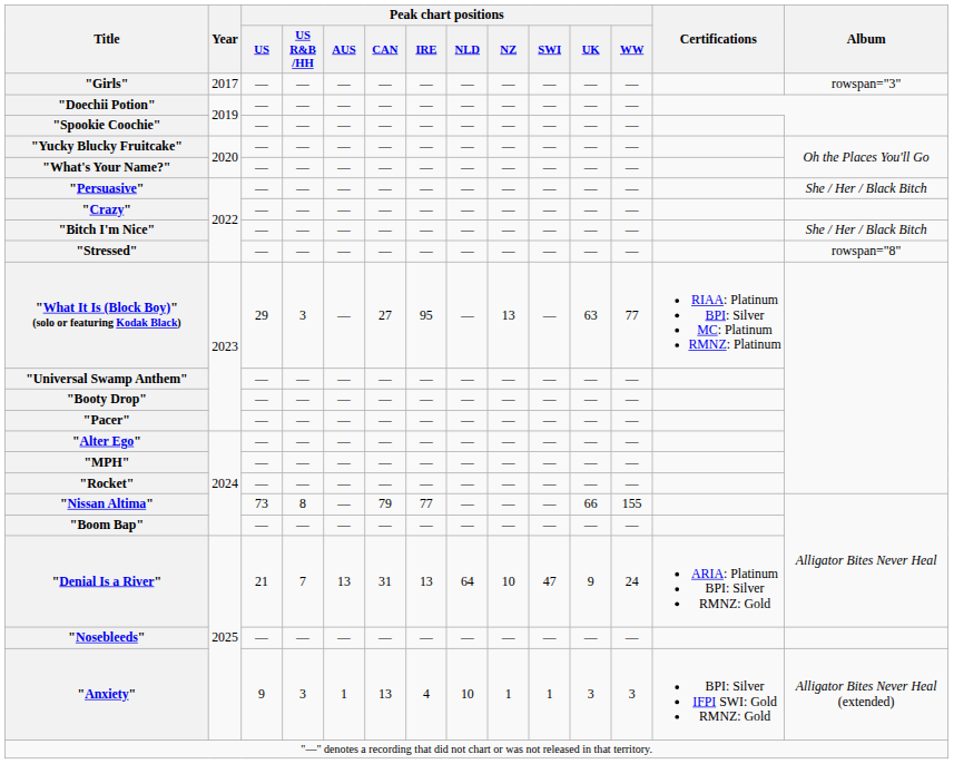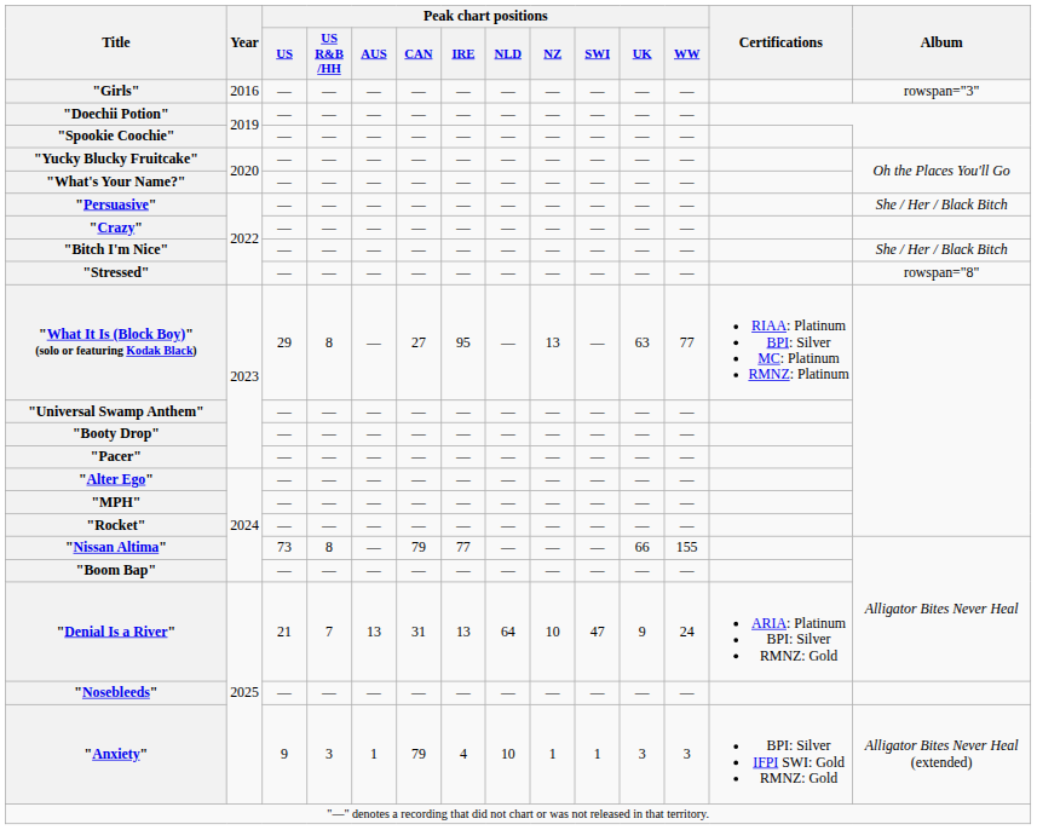 <table class="wikitable plainrowheaders" style="text-align:center;">
 <tr>
 <th scope="col" rowspan="2" style="width:15em;">Title</th>
 <th scope="col" rowspan="2" style="width:1em;">Year</th>
 <th scope="col" colspan="10">Peak chart positions</th>
 <th scope="col" rowspan="2">Certifications</th>
 <th scope="col" rowspan="2" style="width:12em;">Album</th>
 </tr>
 <tr>
 <th scope="col" style="width:3em;font-size:90%;"><a href='#'>US</a><br></th>
 <th scope="col" style="width:3em;font-size:90%;"><a href='#'>US<br>R&B<br>/HH</a><br></th>
 <th scope="col" style="width:3em;font-size:90%;"><a href='#'>AUS</a><br></th>
 <th scope="col" style="width:3em;font-size:90%;"><a href='#'>CAN</a><br></th>
 <th scope="col" style="width:3em;font-size:90%;"><a href='#'>IRE</a><br></th>
 <th scope="col" style="width:3em;font-size:90%;"><a href='#'>NLD</a><br></th>
 <th scope="col" style="width:3em;font-size:90%;"><a href='#'>NZ</a><br></th>
 <th scope="col" style="width:3em;font-size:90%;"><a href='#'>SWI</a><br></th>
 <th scope="col" style="width:3em;font-size:90%;"><a href='#'>UK</a><br></th>
 <th scope="col" style="width:3em;font-size:90%;"><a href='#'>WW</a><br></th>
 </tr>
 <tr>
 <th scope="row">"Girls"</th>
-<td>2017</td>
+<td>2016</td>
 <td>—</td>
 <td>—</td>
 <td>—</td>
 <td>—</td>
 <td>—</td>
 <td>—</td>
 <td>—</td>
 <td>—</td>
 <td>—</td>
 <td>—</td>
 <td></td>
 <td>rowspan="3" </td>
 </tr>
 <tr>
 <th scope="row">"Doechii Potion"</th>
 <td rowspan="2">2019</td>
 <td>—</td>
 <td>—</td>
 <td>—</td>
 <td>—</td>
 <td>—</td>
 <td>—</td>
 <td>—</td>
 <td>—</td>
 <td>—</td>
 <td>—</td>
 </tr>
 <tr>
 <th scope="row">"Spookie Coochie"</th>
 <td>—</td>
 <td>—</td>
 <td>—</td>
 <td>—</td>
 <td>—</td>
 <td>—</td>
 <td>—</td>
 <td>—</td>
 <td>—</td>
 <td>—</td>
 <td></td>
 </tr>
 <tr>
 <th scope="row">"Yucky Blucky Fruitcake"</th>
 <td rowspan="2">2020</td>
 <td>—</td>
 <td>—</td>
 <td>—</td>
 <td>—</td>
 <td>—</td>
 <td>—</td>
 <td>—</td>
 <td>—</td>
 <td>—</td>
 <td>—</td>
 <td></td>
 <td rowspan="2"><em>Oh the Places You'll Go</em></td>
 </tr>
 <tr>
 <th scope="row">"What's Your Name?"</th>
 <td>—</td>
 <td>—</td>
 <td>—</td>
 <td>—</td>
 <td>—</td>
 <td>—</td>
 <td>—</td>
 <td>—</td>
 <td>—</td>
 <td>—</td>
 <td></td>
 </tr>
 <tr>
 <th scope="row">"<a href='#'>Persuasive</a>"<br></th>
 <td rowspan="4">2022</td>
 <td>—</td>
 <td>—</td>
 <td>—</td>
 <td>—</td>
 <td>—</td>
 <td>—</td>
 <td>—</td>
 <td>—</td>
 <td>—</td>
 <td>—</td>
 <td></td>
 <td><em>She / Her / Black Bitch</em></td>
 </tr>
 <tr>
 <th scope="row">"<a href='#'>Crazy</a>"</th>
 <td>—</td>
 <td>—</td>
 <td>—</td>
 <td>—</td>
 <td>—</td>
 <td>—</td>
 <td>—</td>
 <td>—</td>
 <td>—</td>
 <td>—</td>
 <td></td>
 <td></td>
 </tr>
 <tr>
 <th scope="row">"Bitch I'm Nice"</th>
 <td>—</td>
 <td>—</td>
 <td>—</td>
 <td>—</td>
 <td>—</td>
 <td>—</td>
 <td>—</td>
 <td>—</td>
 <td>—</td>
 <td>—</td>
 <td></td>
 <td><em>She / Her / Black Bitch</em></td>
 </tr>
 <tr>
 <th scope="row">"Stressed"</th>
 <td>—</td>
 <td>—</td>
 <td>—</td>
 <td>—</td>
 <td>—</td>
 <td>—</td>
 <td>—</td>
 <td>—</td>
 <td>—</td>
 <td>—</td>
 <td></td>
 <td>rowspan="8" </td>
 </tr>
 <tr>
 <th scope="row">"<a href='#'>What It Is (Block Boy)</a>"<br><small>(solo or featuring <a href='#'>Kodak Black</a>)</small></th>
 <td rowspan="4">2023</td>
 <td>29</td>
-<td>3</td>
+<td>8</td>
 <td>—</td>
 <td>27</td>
 <td>95</td>
 <td>—</td>
 <td>13</td>
 <td>—</td>
 <td>63</td>
 <td>77</td>
 <td><br><ul><li><a href='#'>RIAA</a>: Platinum</li><li><a href='#'>BPI</a>: Silver</li><li><a href='#'>MC</a>: Platinum</li><li><a href='#'>RMNZ</a>: Platinum</li></ul></td>
 </tr>
 <tr>
 <th scope="row">"Universal Swamp Anthem"</th>
 <td>—</td>
 <td>—</td>
 <td>—</td>
 <td>—</td>
 <td>—</td>
 <td>—</td>
 <td>—</td>
 <td>—</td>
 <td>—</td>
 <td>—</td>
 <td></td>
 </tr>
 <tr>
 <th scope="row">"Booty Drop"</th>
 <td>—</td>
 <td>—</td>
 <td>—</td>
 <td>—</td>
 <td>—</td>
 <td>—</td>
 <td>—</td>
 <td>—</td>
 <td>—</td>
 <td>—</td>
 <td></td>
 </tr>
 <tr>
 <th scope="row">"Pacer"</th>
 <td>—</td>
 <td>—</td>
 <td>—</td>
 <td>—</td>
 <td>—</td>
 <td>—</td>
 <td>—</td>
 <td>—</td>
 <td>—</td>
 <td>—</td>
 <td></td>
 </tr>
 <tr>
 <th scope="row">"<a href='#'>Alter Ego</a>"<br></th>
 <td rowspan="5">2024</td>
 <td>—</td>
 <td>—</td>
 <td>—</td>
 <td>—</td>
 <td>—</td>
 <td>—</td>
 <td>—</td>
 <td>—</td>
 <td>—</td>
 <td>—</td>
 <td></td>
 </tr>
 <tr>
 <th scope="row">"MPH"</th>
 <td>—</td>
 <td>—</td>
 <td>—</td>
 <td>—</td>
 <td>—</td>
 <td>—</td>
 <td>—</td>
 <td>—</td>
 <td>—</td>
 <td>—</td>
 <td></td>
 </tr>
 <tr>
 <th scope="row">"Rocket"</th>
 <td>—</td>
 <td>—</td>
 <td>—</td>
 <td>—</td>
 <td>—</td>
 <td>—</td>
 <td>—</td>
 <td>—</td>
 <td>—</td>
 <td>—</td>
 <td></td>
 </tr>
 <tr>
 <th scope="row">"<a href='#'>Nissan Altima</a>"</th>
 <td>73</td>
 <td>8</td>
 <td>—</td>
 <td>79</td>
 <td>77</td>
 <td>—</td>
 <td>—</td>
 <td>—</td>
 <td>66</td>
 <td>155</td>
 <td></td>
 <td rowspan="3"><em>Alligator Bites Never Heal</em></td>
 </tr>
 <tr>
 <th scope="row">"Boom Bap"</th>
 <td>—</td>
 <td>—</td>
 <td>—</td>
 <td>—</td>
 <td>—</td>
 <td>—</td>
 <td>—</td>
 <td>—</td>
 <td>—</td>
 <td>—</td>
 <td></td>
 </tr>
 <tr>
 <th scope="row">"<a href='#'>Denial Is a River</a>"</th>
 <td rowspan="3">2025</td>
 <td>21</td>
 <td>7</td>
 <td>13</td>
 <td>31</td>
 <td>13</td>
 <td>64</td>
 <td>10</td>
 <td>47</td>
 <td>9</td>
 <td>24</td>
 <td><br><ul><li><a href='#'>ARIA</a>: Platinum</li><li>BPI: Silver</li><li>RMNZ: Gold</li></ul></td>
 </tr>
 <tr>
 <th scope="row">"<a href='#'>Nosebleeds</a>"</th>
 <td>—</td>
 <td>—</td>
 <td>—</td>
 <td>—</td>
 <td>—</td>
 <td>—</td>
 <td>—</td>
 <td>—</td>
 <td>—</td>
 <td>—</td>
 <td></td>
 <td></td>
 </tr>
 <tr>
 <th scope="row">"<a href='#'>Anxiety</a>"</th>
 <td>9</td>
 <td>3</td>
 <td>1</td>
-<td>13</td>
+<td>79</td>
 <td>4</td>
 <td>10</td>
 <td>1</td>
 <td>1</td>
 <td>3</td>
 <td>3</td>
 <td><br><ul><li>BPI: Silver</li><li><a href='#'>IFPI</a> SWI: Gold</li><li>RMNZ: Gold</li></ul></td>
 <td><em>Alligator Bites Never Heal</em> (extended)</td>
 </tr>
 <tr>
 <td colspan="14" style="font-size:85%">"—" denotes a recording that did not chart or was not released in that territory.</td>
 </tr>
 </table>
